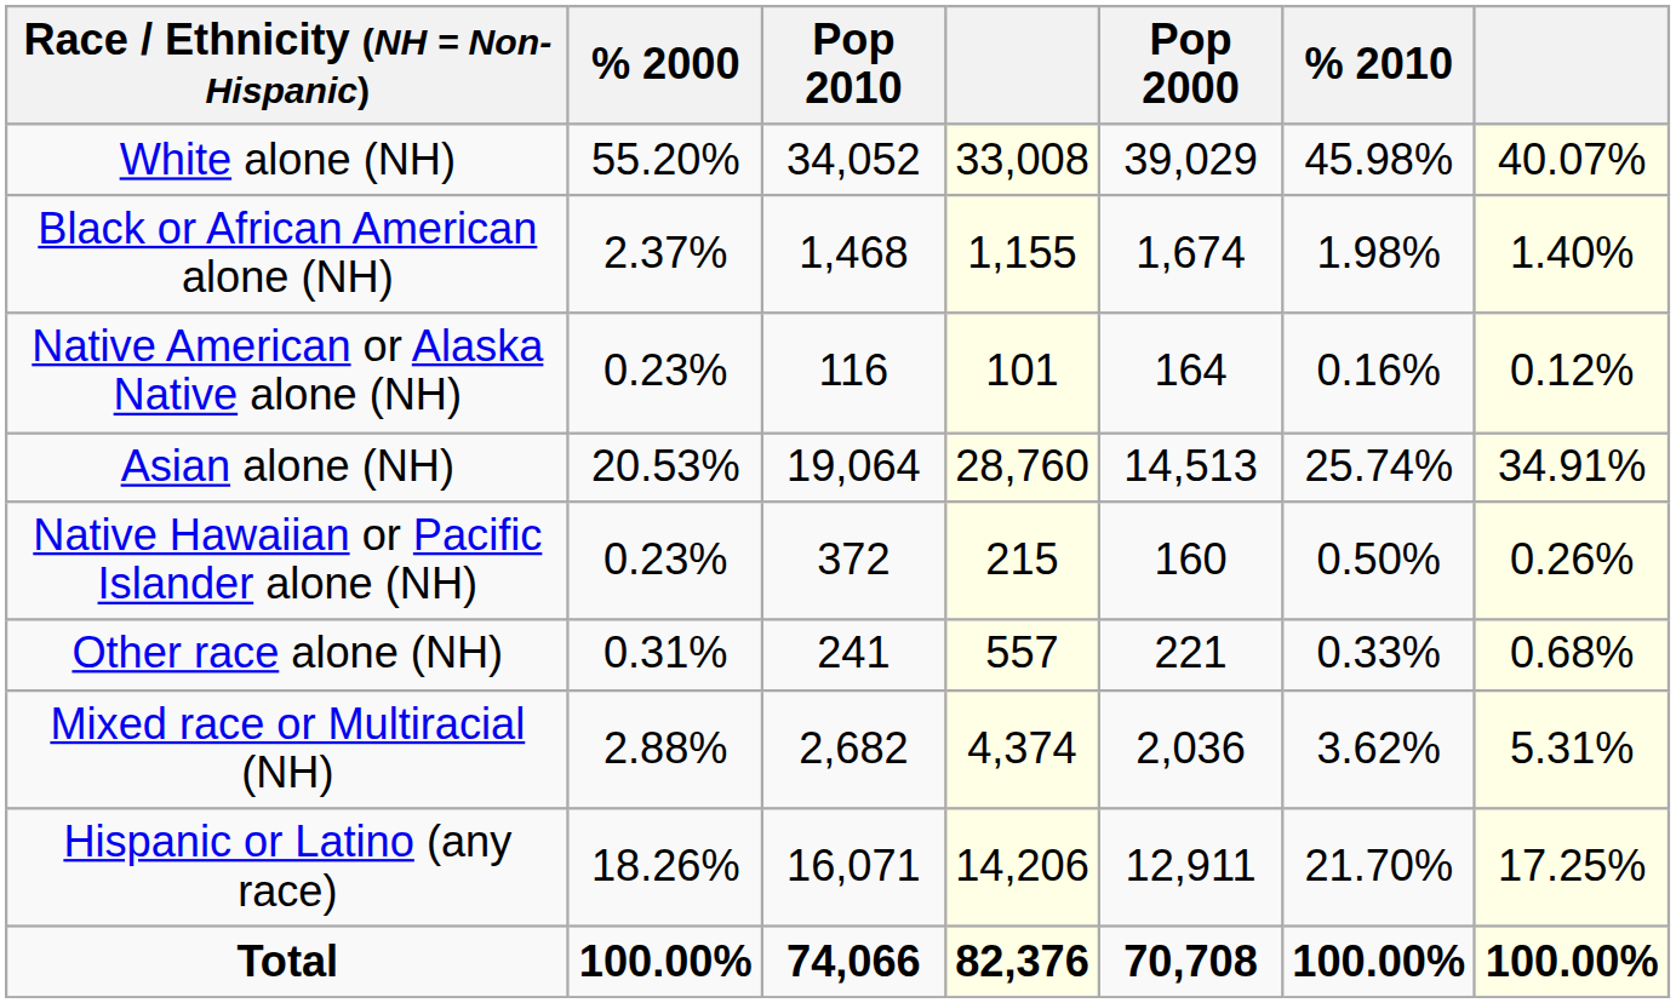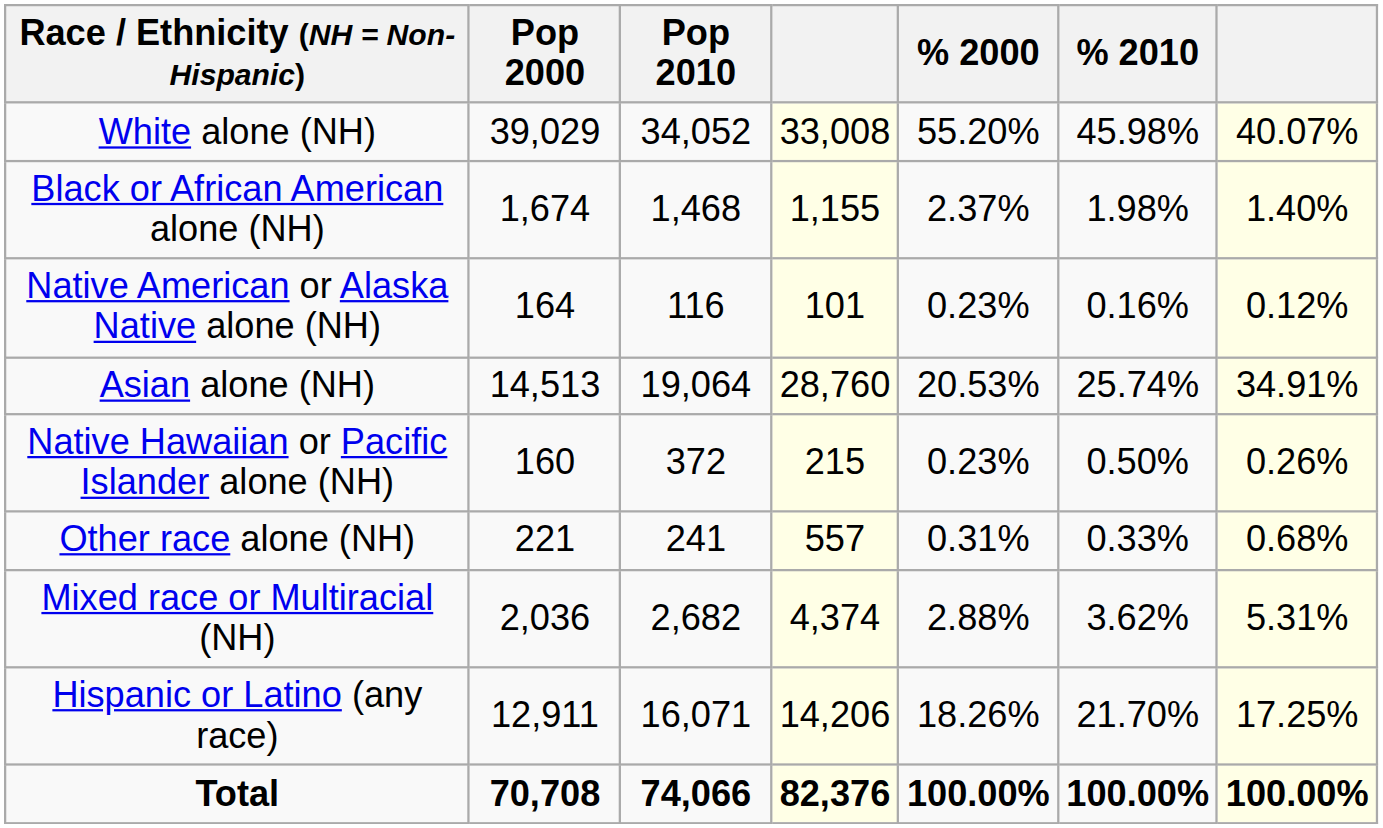 <table class="wikitable" style="text-align:center;">
 <tr>
 <th>Race / Ethnicity <small>(<em>NH = Non-Hispanic</em>)</small></th>
-<th>% 2000</th>
+<th>Pop 2000</th>
 <th>Pop 2010</th>
 <th></th>
-<th>Pop 2000</th>
+<th>% 2000</th>
 <th>% 2010</th>
 <th></th>
 </tr>
 <tr>
 <td><a href='#'>White</a> alone (NH)</td>
-<td>55.20%</td>
+<td>39,029</td>
 <td>34,052</td>
 <td style='background: #ffffe6;'>33,008</td>
-<td>39,029</td>
+<td>55.20%</td>
 <td>45.98%</td>
 <td style='background: #ffffe6;'>40.07%</td>
 </tr>
 <tr>
 <td><a href='#'>Black or African American</a> alone (NH)</td>
-<td>2.37%</td>
+<td>1,674</td>
 <td>1,468</td>
 <td style='background: #ffffe6;'>1,155</td>
-<td>1,674</td>
+<td>2.37%</td>
 <td>1.98%</td>
 <td style='background: #ffffe6;'>1.40%</td>
 </tr>
 <tr>
 <td><a href='#'>Native American</a> or <a href='#'>Alaska Native</a> alone (NH)</td>
-<td>0.23%</td>
+<td>164</td>
 <td>116</td>
 <td style='background: #ffffe6;'>101</td>
-<td>164</td>
+<td>0.23%</td>
 <td>0.16%</td>
 <td style='background: #ffffe6;'>0.12%</td>
 </tr>
 <tr>
 <td><a href='#'>Asian</a> alone (NH)</td>
-<td>20.53%</td>
+<td>14,513</td>
 <td>19,064</td>
 <td style='background: #ffffe6;'>28,760</td>
-<td>14,513</td>
+<td>20.53%</td>
 <td>25.74%</td>
 <td style='background: #ffffe6;'>34.91%</td>
 </tr>
 <tr>
 <td><a href='#'>Native Hawaiian</a> or <a href='#'>Pacific Islander</a> alone (NH)</td>
-<td>0.23%</td>
+<td>160</td>
 <td>372</td>
 <td style='background: #ffffe6;'>215</td>
-<td>160</td>
+<td>0.23%</td>
 <td>0.50%</td>
 <td style='background: #ffffe6;'>0.26%</td>
 </tr>
 <tr>
 <td><a href='#'>Other race</a> alone (NH)</td>
-<td>0.31%</td>
+<td>221</td>
 <td>241</td>
 <td style='background: #ffffe6;'>557</td>
-<td>221</td>
+<td>0.31%</td>
 <td>0.33%</td>
 <td style='background: #ffffe6;'>0.68%</td>
 </tr>
 <tr>
 <td><a href='#'>Mixed race or Multiracial</a> (NH)</td>
-<td>2.88%</td>
+<td>2,036</td>
 <td>2,682</td>
 <td style='background: #ffffe6;'>4,374</td>
-<td>2,036</td>
+<td>2.88%</td>
 <td>3.62%</td>
 <td style='background: #ffffe6;'>5.31%</td>
 </tr>
 <tr>
 <td><a href='#'>Hispanic or Latino</a> (any race)</td>
-<td>18.26%</td>
+<td>12,911</td>
 <td>16,071</td>
 <td style='background: #ffffe6;'>14,206</td>
-<td>12,911</td>
+<td>18.26%</td>
 <td>21.70%</td>
 <td style='background: #ffffe6;'>17.25%</td>
 </tr>
 <tr>
 <td><strong>Total</strong></td>
-<td><strong>100.00%</strong></td>
+<td><strong>70,708</strong></td>
 <td><strong>74,066</strong></td>
 <td style='background: #ffffe6;'><strong>82,376</strong></td>
-<td><strong>70,708</strong></td>
+<td><strong>100.00%</strong></td>
 <td><strong>100.00%</strong></td>
 <td style='background: #ffffe6;'><strong>100.00%</strong></td>
 </tr>
 </table>
